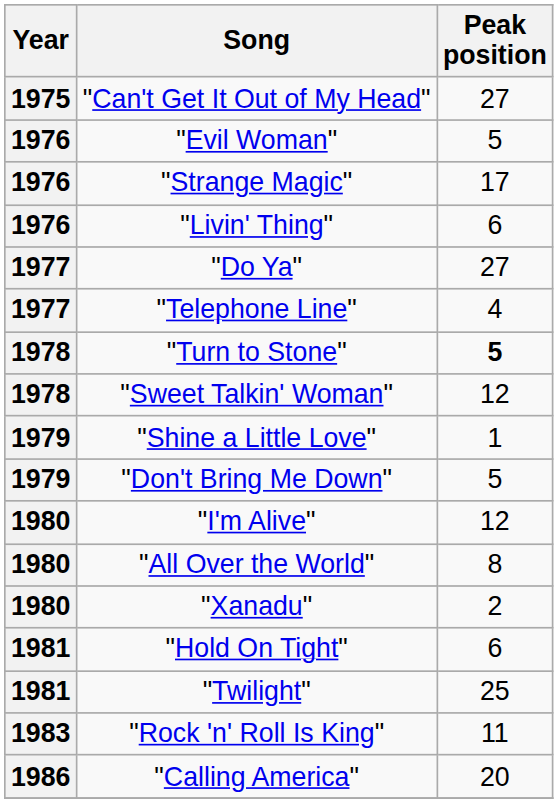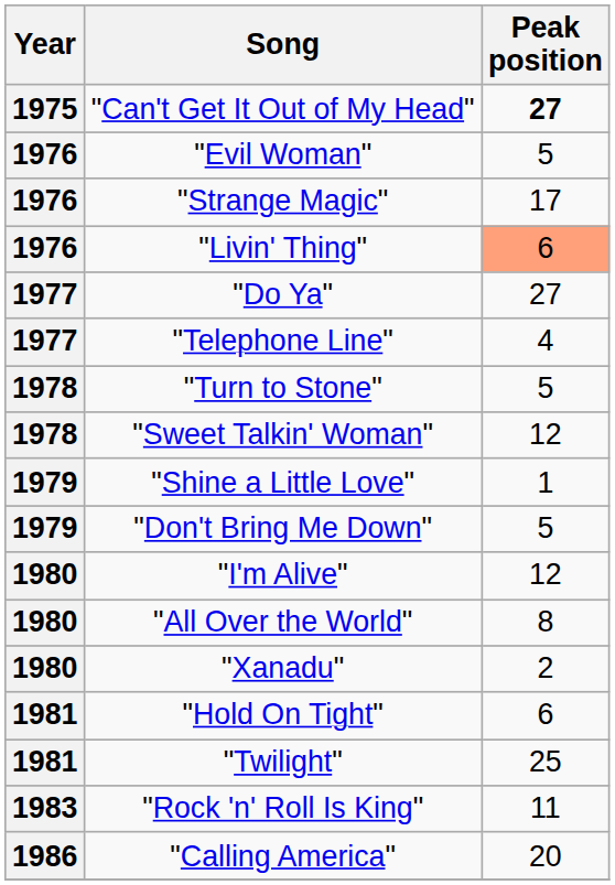 <table class="wikitable sortable plainrowheaders" style="text-align:center;" border="1">
 <tr>
 <th>Year</th>
 <th>Song</th>
 <th>Peak<br>position</th>
 </tr>
 <tr>
 <th scope="row">1975</th>
 <td>"<a href='#'>Can't Get It Out of My Head</a>"</td>
-<td>27</td>
+<td><strong>27</strong></td>
 </tr>
 <tr>
 <th scope="row">1976</th>
 <td>"<a href='#'>Evil Woman</a>"</td>
 <td>5</td>
 </tr>
 <tr>
 <th scope="row">1976</th>
 <td>"<a href='#'>Strange Magic</a>"</td>
 <td>17</td>
 </tr>
 <tr>
 <th scope="row">1976</th>
 <td>"<a href='#'>Livin' Thing</a>"</td>
-<td>6</td>
+<td style="background: lightsalmon;">6</td>
 </tr>
 <tr>
 <th scope="row">1977</th>
 <td>"<a href='#'>Do Ya</a>"</td>
 <td>27</td>
 </tr>
 <tr>
 <th scope="row">1977</th>
 <td>"<a href='#'>Telephone Line</a>"</td>
 <td>4</td>
 </tr>
 <tr>
 <th scope="row">1978</th>
 <td>"<a href='#'>Turn to Stone</a>"</td>
-<td><strong>5</strong></td>
+<td>5</td>
 </tr>
 <tr>
 <th scope="row">1978</th>
 <td>"<a href='#'>Sweet Talkin' Woman</a>"</td>
 <td>12</td>
 </tr>
 <tr>
 <th scope="row">1979</th>
 <td>"<a href='#'>Shine a Little Love</a>"</td>
 <td>1</td>
 </tr>
 <tr>
 <th scope="row">1979</th>
 <td>"<a href='#'>Don't Bring Me Down</a>"</td>
 <td>5</td>
 </tr>
 <tr>
 <th scope="row">1980</th>
 <td>"<a href='#'>I'm Alive</a>"</td>
 <td>12</td>
 </tr>
 <tr>
 <th scope="row">1980</th>
 <td>"<a href='#'>All Over the World</a>"</td>
 <td>8</td>
 </tr>
 <tr>
 <th scope="row">1980</th>
 <td>"<a href='#'>Xanadu</a>"</td>
 <td>2</td>
 </tr>
 <tr>
 <th scope="row">1981</th>
 <td>"<a href='#'>Hold On Tight</a>"</td>
 <td>6</td>
 </tr>
 <tr>
 <th scope="row">1981</th>
 <td>"<a href='#'>Twilight</a>"</td>
 <td>25</td>
 </tr>
 <tr>
 <th scope="row">1983</th>
 <td>"<a href='#'>Rock 'n' Roll Is King</a>"</td>
 <td>11</td>
 </tr>
 <tr>
 <th scope="row">1986</th>
 <td>"<a href='#'>Calling America</a>"</td>
 <td>20</td>
 </tr>
 <tr>
 </tr>
 </table>
